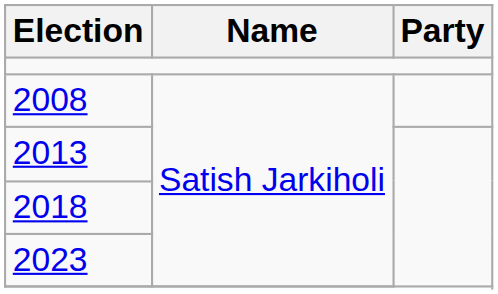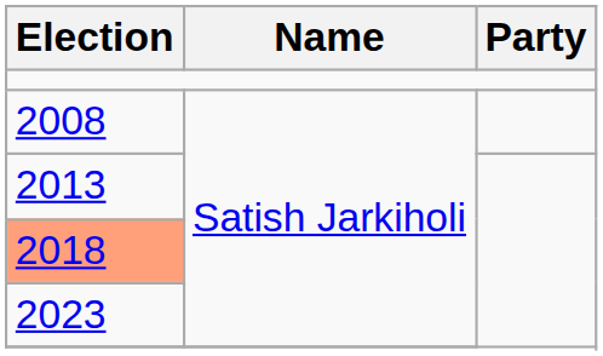 <table class="wikitable sortable">
 <tr>
 <th>Election</th>
 <th>Name</th>
 <th colspan=2>Party</th>
 </tr>
 <tr>
 <td colspan="4"></td>
 </tr>
 <tr>
 <td><a href='#'>2008</a></td>
 <td rowspan="4"><a href='#'>Satish Jarkiholi</a></td>
 <td></td>
 </tr>
 <tr>
 <td><a href='#'>2013</a></td>
 </tr>
 <tr>
-<td><a href='#'>2018</a></td>
+<td style="background: lightsalmon;"><a href='#'>2018</a></td>
 </tr>
 <tr>
 <td><a href='#'>2023</a></td>
 </tr>
 <tr>
 </tr>
 </table>
